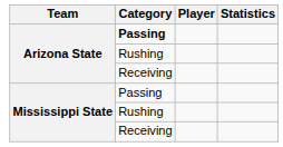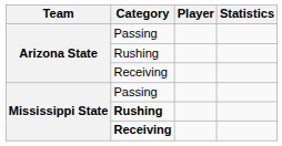 <table class="wikitable" style="float:right">
 <tr>
 <th>Team</th>
 <th>Category</th>
 <th>Player</th>
 <th>Statistics</th>
 </tr>
 <tr>
 <th rowspan=3>Arizona State</th>
-<td><strong>Passing</strong></td>
+<td>Passing</td>
 <td></td>
 <td></td>
 </tr>
 <tr>
 <td>Rushing</td>
 <td></td>
 <td></td>
 </tr>
 <tr>
 <td>Receiving</td>
 <td></td>
 <td></td>
 </tr>
 <tr>
 <th rowspan=3>Mississippi State</th>
 <td>Passing</td>
 <td></td>
 <td></td>
 </tr>
 <tr>
-<td>Rushing</td>
+<td><strong>Rushing</strong></td>
 <td></td>
 <td></td>
 </tr>
 <tr>
-<td>Receiving</td>
+<td><strong>Receiving</strong></td>
 <td></td>
 <td></td>
 </tr>
 </table>
